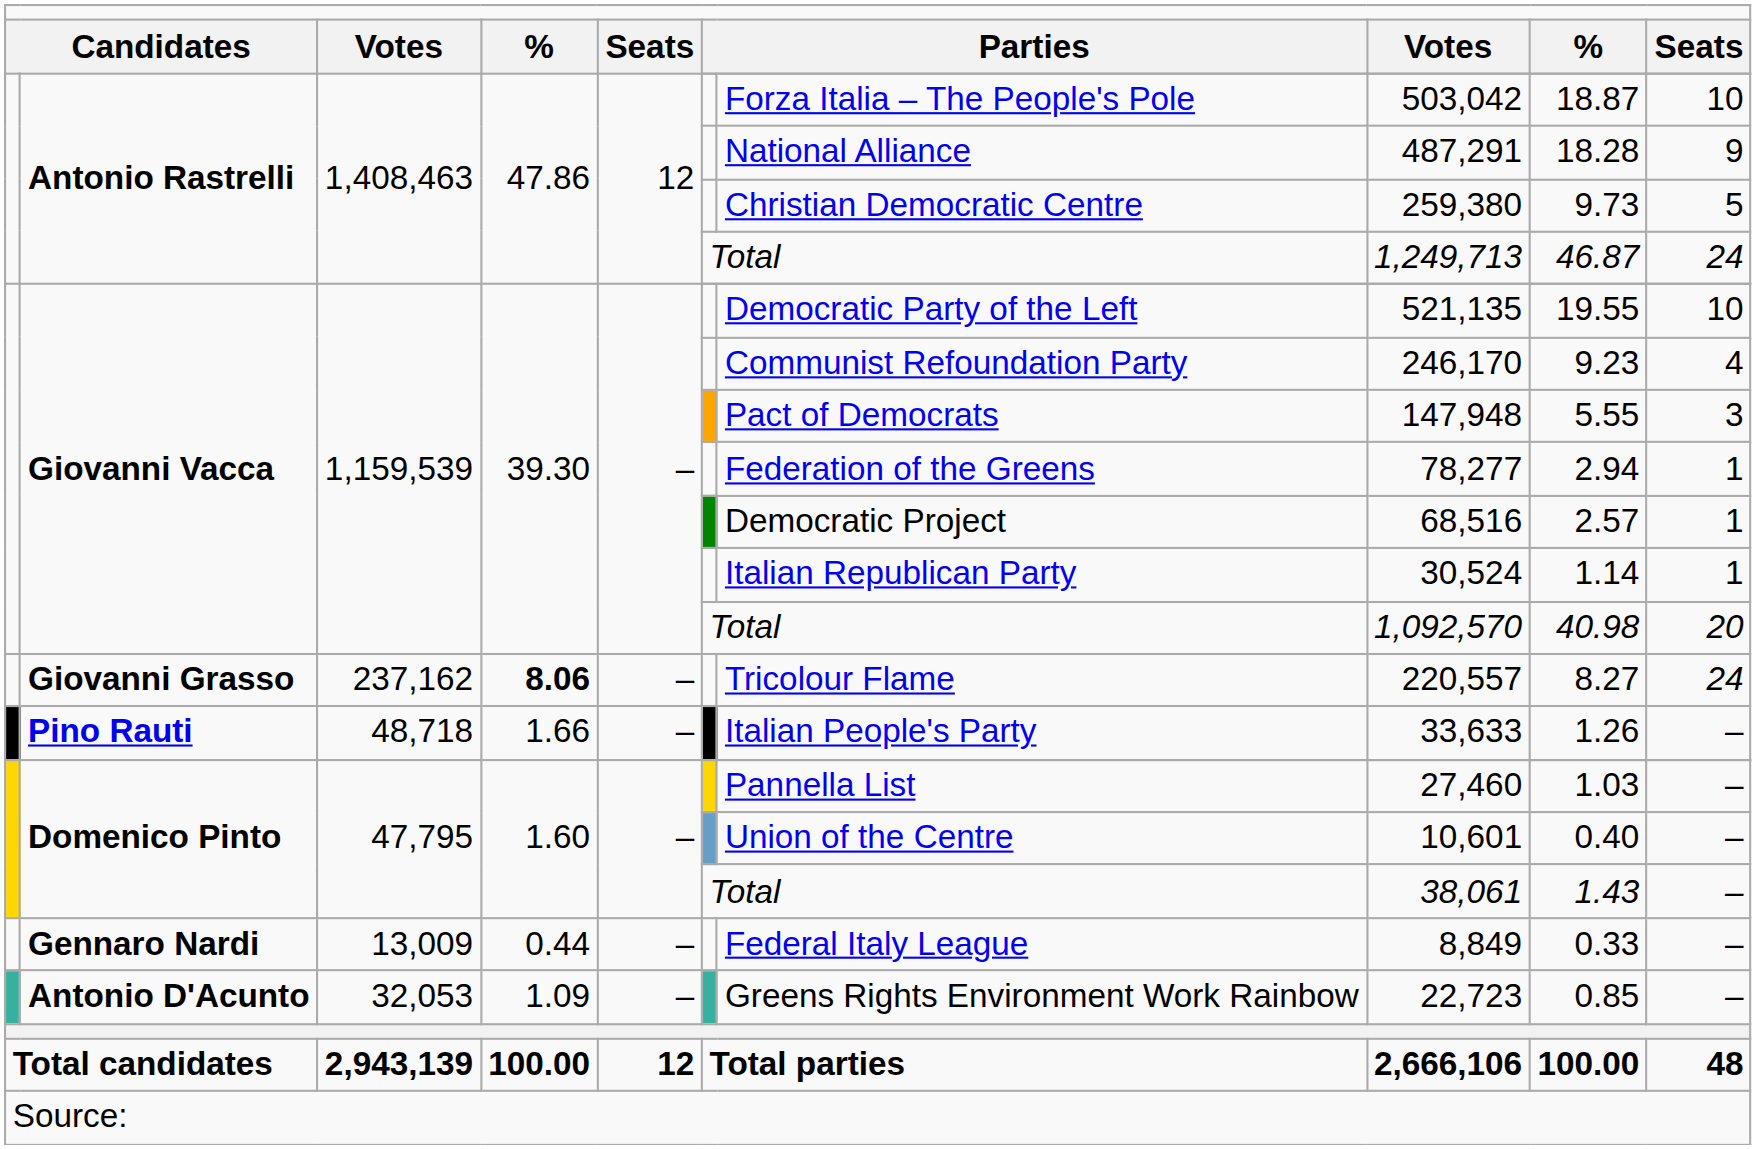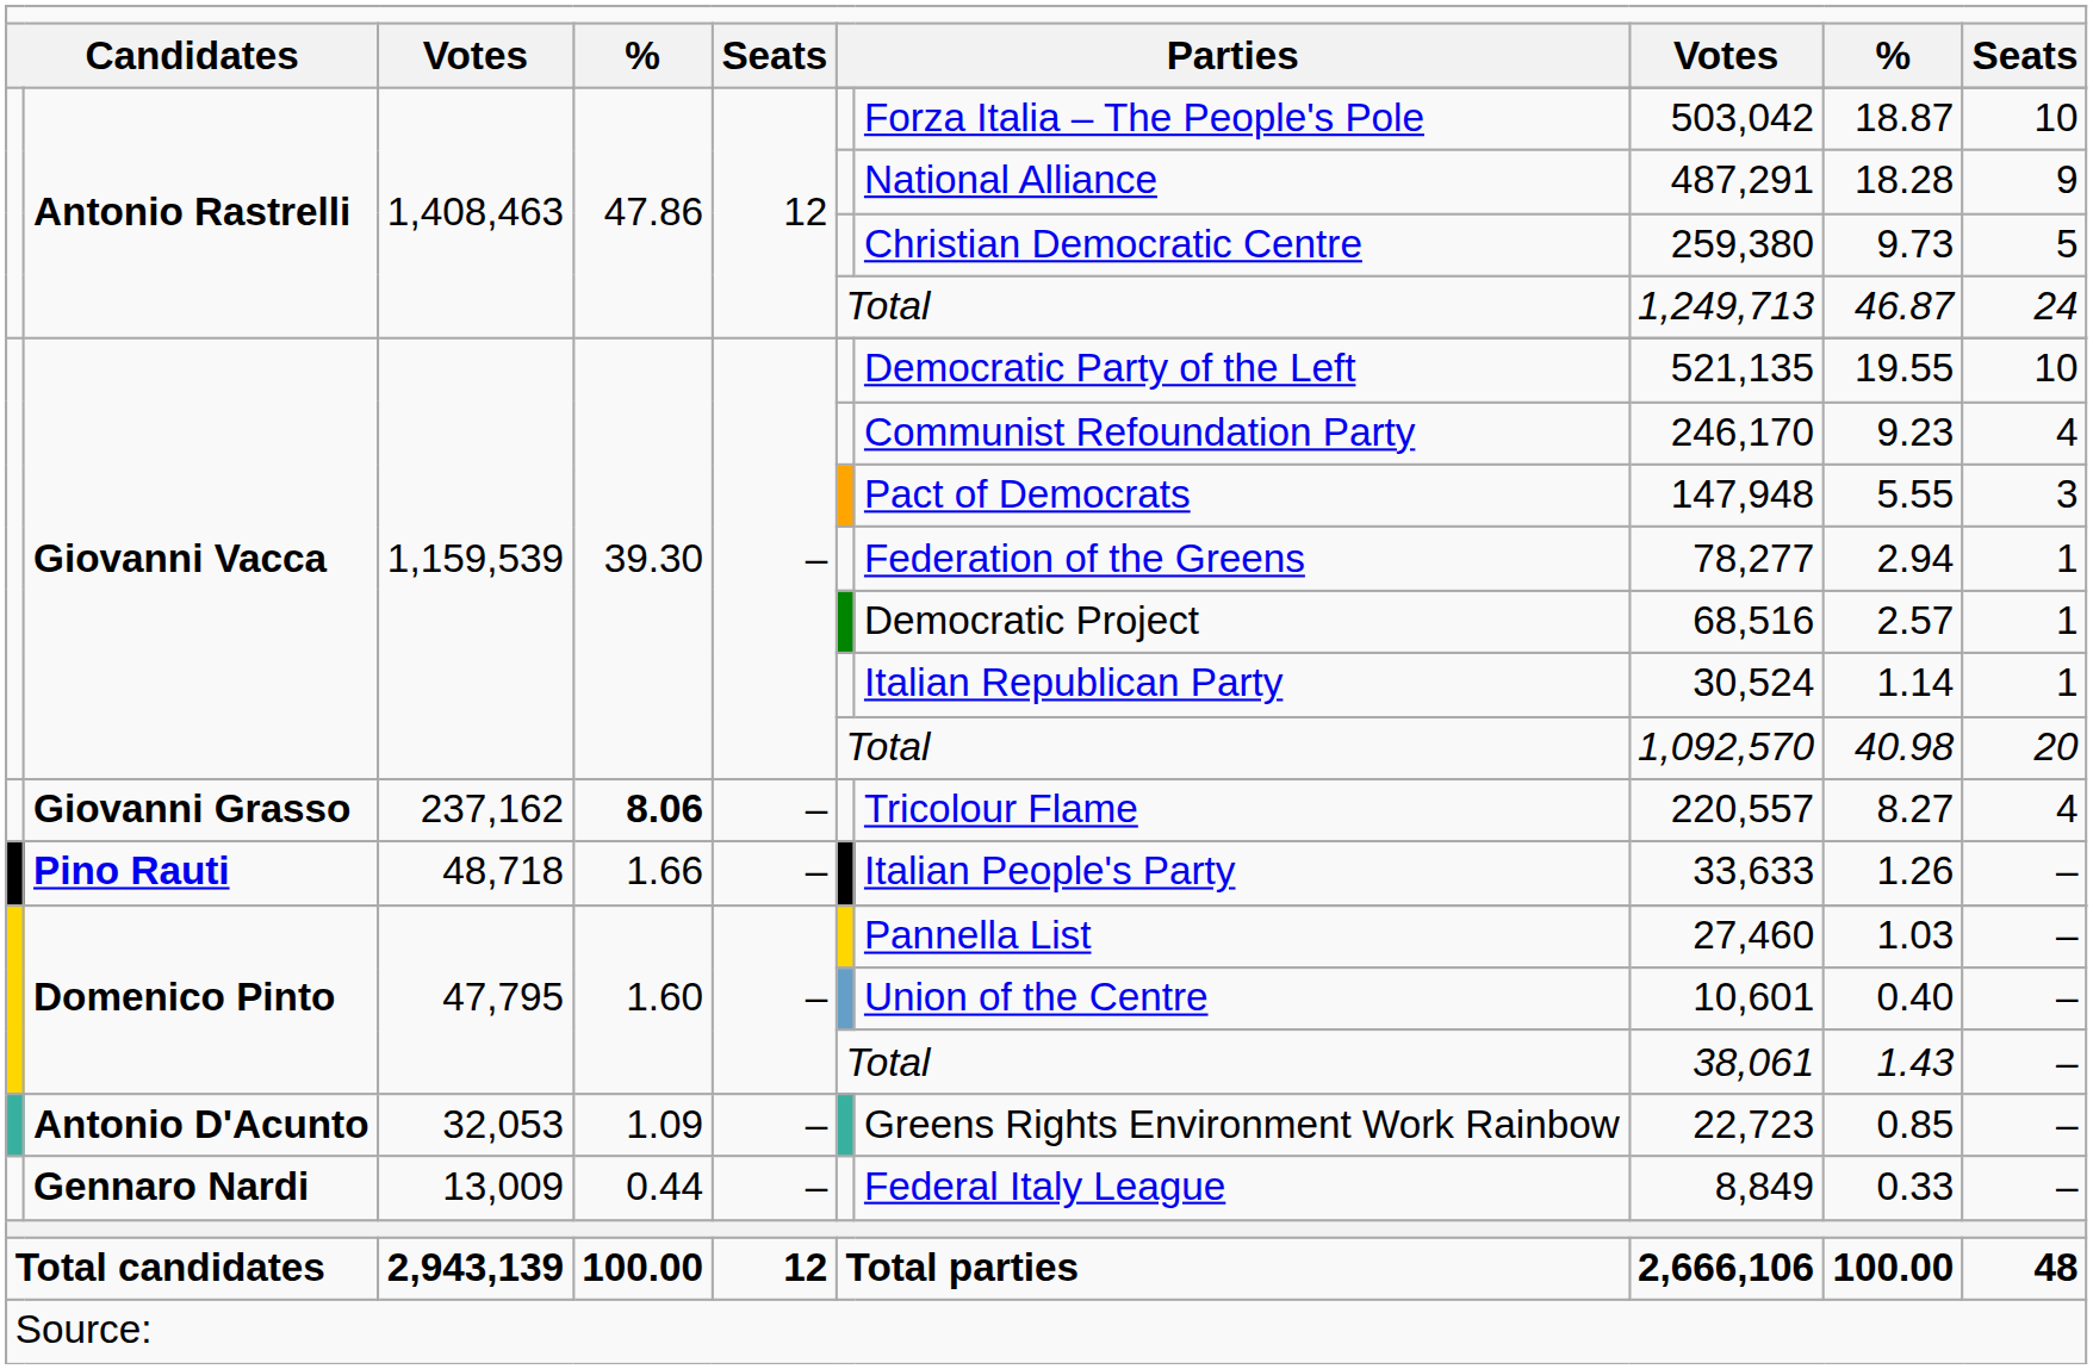 <table class="wikitable">
 <tr>
 <td colspan=10></td>
 </tr>
 <tr>
 <th colspan=2>Candidates</th>
 <th>Votes</th>
 <th>%</th>
 <th>Seats</th>
 <th colspan=2>Parties</th>
 <th>Votes</th>
 <th>%</th>
 <th>Seats</th>
 </tr>
 <tr>
 <td rowspan=5></td>
 <td rowspan=5><strong>Antonio Rastrelli</strong></td>
 <td rowspan=5 align=right>1,408,463</td>
 <td rowspan=5 align=right>47.86</td>
 <td rowspan=5 align=right>12</td>
 </tr>
 <tr>
 <td></td>
 <td><a href='#'>Forza Italia – The People's Pole</a></td>
 <td align=right>503,042</td>
 <td align=right>18.87</td>
 <td align=right>10</td>
 </tr>
 <tr>
 <td></td>
 <td><a href='#'>National Alliance</a></td>
 <td align=right>487,291</td>
 <td align=right>18.28</td>
 <td align=right>9</td>
 </tr>
 <tr>
 <td></td>
 <td><a href='#'>Christian Democratic Centre</a></td>
 <td align=right>259,380</td>
 <td align=right>9.73</td>
 <td align=right>5</td>
 </tr>
 <tr>
 <td colspan=2><em>Total</em></td>
 <td align=right><em>1,249,713</em></td>
 <td align=right><em>46.87</em></td>
 <td align=right><em>24</em></td>
 </tr>
 <tr>
 <td rowspan=8></td>
 <td rowspan=8><strong>Giovanni Vacca</strong></td>
 <td rowspan=8 align=right>1,159,539</td>
 <td rowspan=8 align=right>39.30</td>
 <td rowspan=8 align=right>–</td>
 </tr>
 <tr>
 <td></td>
 <td><a href='#'>Democratic Party of the Left</a></td>
 <td align=right>521,135</td>
 <td align=right>19.55</td>
 <td align=right>10</td>
 </tr>
 <tr>
 <td></td>
 <td><a href='#'>Communist Refoundation Party</a></td>
 <td align=right>246,170</td>
 <td align=right>9.23</td>
 <td align=right>4</td>
 </tr>
 <tr>
 <td bgcolor="orange"></td>
 <td><a href='#'>Pact of Democrats</a></td>
 <td align=right>147,948</td>
 <td align=right>5.55</td>
 <td align=right>3</td>
 </tr>
 <tr>
 <td></td>
 <td><a href='#'>Federation of the Greens</a></td>
 <td align=right>78,277</td>
 <td align=right>2.94</td>
 <td align=right>1</td>
 </tr>
 <tr>
 <td bgcolor="#008500"></td>
 <td>Democratic Project</td>
 <td align=right>68,516</td>
 <td align=right>2.57</td>
 <td align=right>1</td>
 </tr>
 <tr>
 <td></td>
 <td><a href='#'>Italian Republican Party</a></td>
 <td align=right>30,524</td>
 <td align=right>1.14</td>
 <td align=right>1</td>
 </tr>
 <tr>
 <td colspan=2><em>Total</em></td>
 <td align=right><em>1,092,570</em></td>
 <td align=right><em>40.98</em></td>
 <td align=right><em>20</em></td>
 </tr>
 <tr>
 <td></td>
 <td><strong>Giovanni Grasso</strong></td>
 <td align=right>237,162</td>
 <td align=right><strong>8.06</strong></td>
 <td align=right>–</td>
 <td></td>
 <td><a href='#'>Tricolour Flame</a></td>
 <td align=right>220,557</td>
 <td align=right>8.27</td>
-<td align=right><em>24</em></td>
+<td align=right>4</td>
 </tr>
 <tr>
 <td bgcolor="black"></td>
 <td><strong><a href='#'>Pino Rauti</a></strong></td>
 <td align=right>48,718</td>
 <td align=right>1.66</td>
 <td align=right>–</td>
 <td bgcolor="black"></td>
 <td><a href='#'>Italian People's Party</a></td>
 <td align=right>33,633</td>
 <td align=right>1.26</td>
 <td align=right>–</td>
 </tr>
 <tr>
 <td rowspan=4 bgcolor="gold"></td>
 <td rowspan=4><strong>Domenico Pinto</strong></td>
 <td rowspan=4 align=right>47,795</td>
 <td rowspan=4 align=right>1.60</td>
 <td rowspan=4 align=right>–</td>
 </tr>
 <tr>
 <td bgcolor="gold"></td>
 <td><a href='#'>Pannella List</a></td>
 <td align=right>27,460</td>
 <td align=right>1.03</td>
 <td align=right>–</td>
 </tr>
 <tr>
 <td bgcolor="#659EC7"></td>
 <td><a href='#'>Union of the Centre</a></td>
 <td align=right>10,601</td>
 <td align=right>0.40</td>
 <td align=right>–</td>
 </tr>
 <tr>
 <td colspan=2><em>Total</em></td>
 <td align=right><em>38,061</em></td>
 <td align=right><em>1.43</em></td>
 <td align=right><em>–</em></td>
 </tr>
 <tr>
+<td bgcolor="#38B0A0"></td>
+<td><strong>Antonio D'Acunto</strong></td>
+<td align=right>32,053</td>
+<td align=right>1.09</td>
+<td align=right>–</td>
+<td bgcolor="#38B0A0"></td>
+<td>Greens Rights Environment Work Rainbow</td>
+<td align=right>22,723</td>
+<td align=right>0.85</td>
+<td align=right>–</td>
+</tr>
+<tr>
 <td></td>
 <td><strong>Gennaro Nardi</strong></td>
 <td align=right>13,009</td>
 <td align=right>0.44</td>
 <td align=right>–</td>
 <td></td>
 <td><a href='#'>Federal Italy League</a></td>
 <td align=right>8,849</td>
 <td align=right>0.33</td>
-<td align=right>–</td>
-</tr>
-<tr>
-<td bgcolor="#38B0A0"></td>
-<td><strong>Antonio D'Acunto</strong></td>
-<td align=right>32,053</td>
-<td align=right>1.09</td>
-<td align=right>–</td>
-<td bgcolor="#38B0A0"></td>
-<td>Greens Rights Environment Work Rainbow</td>
-<td align=right>22,723</td>
-<td align=right>0.85</td>
 <td align=right>–</td>
 </tr>
 <tr>
 <th colspan=10></th>
 </tr>
 <tr>
 <td colspan=2><strong>Total candidates</strong></td>
 <td align=right><strong>2,943,139</strong></td>
 <td align=right><strong>100.00</strong></td>
 <td align=right><strong>12</strong></td>
 <td colspan=2><strong>Total parties</strong></td>
 <td align=right><strong>2,666,106</strong></td>
 <td align=right><strong>100.00</strong></td>
 <td align=right><strong>48</strong></td>
 </tr>
 <tr>
 <td colspan=10>Source: </td>
 </tr>
 </table>
